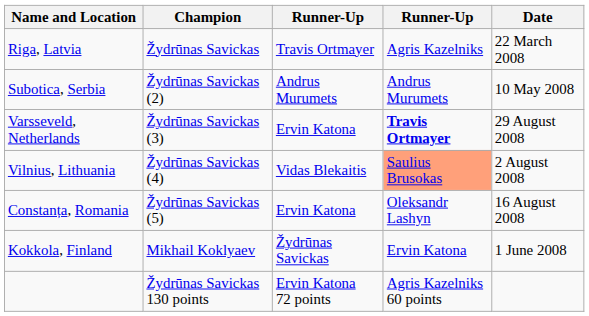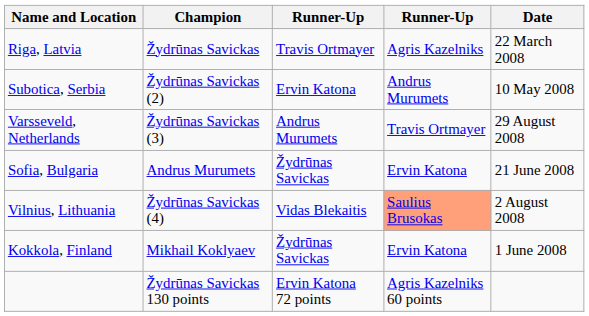 <table class="wikitable" style="display: inline-table;width: 100%;">
 <tr>
 <th scope="col">Name and Location</th>
 <th scope="col">Champion</th>
 <th scope="col">Runner-Up</th>
 <th scope="col">Runner-Up</th>
 <th scope="col">Date</th>
 </tr>
 <tr>
 <td> <a href='#'>Riga</a>, <a href='#'>Latvia</a> <br> </td>
 <td> <a href='#'>Žydrūnas Savickas</a></td>
 <td> <a href='#'>Travis Ortmayer</a></td>
 <td> <a href='#'>Agris Kazelniks</a></td>
 <td>22 March 2008</td>
 </tr>
 <tr>
 <td> <a href='#'>Subotica</a>, <a href='#'>Serbia</a> <br> </td>
 <td> <a href='#'>Žydrūnas Savickas</a> (2)</td>
-<td> <a href='#'>Andrus Murumets</a></td>
+<td> <a href='#'>Ervin Katona</a></td>
 <td> <a href='#'>Andrus Murumets</a></td>
 <td>10 May 2008</td>
 </tr>
 <tr>
 <td> <a href='#'>Varsseveld</a>, <a href='#'>Netherlands</a> <br> </td>
 <td> <a href='#'>Žydrūnas Savickas</a> (3)</td>
+<td> <a href='#'>Andrus Murumets</a></td>
+<td> <a href='#'>Travis Ortmayer</a></td>
+<td>29 August 2008</td>
+</tr>
+<tr>
+<td> <a href='#'>Sofia</a>, <a href='#'>Bulgaria</a> <br> </td>
+<td> <a href='#'>Andrus Murumets</a></td>
+<td> <a href='#'>Žydrūnas Savickas</a></td>
 <td> <a href='#'>Ervin Katona</a></td>
-<td><strong> <a href='#'>Travis Ortmayer</a></strong></td>
-<td>29 August 2008</td>
+<td>21 June 2008</td>
 </tr>
 <tr>
 <td> <a href='#'>Vilnius</a>, <a href='#'>Lithuania</a> <br> </td>
 <td> <a href='#'>Žydrūnas Savickas</a> (4)</td>
 <td> <a href='#'>Vidas Blekaitis</a></td>
 <td style="background: lightsalmon;"> <a href='#'>Saulius Brusokas</a></td>
 <td>2 August 2008</td>
-</tr>
-<tr>
-<td> <a href='#'>Constanța</a>, <a href='#'>Romania</a> <br> </td>
-<td> <a href='#'>Žydrūnas Savickas</a> (5)</td>
-<td> <a href='#'>Ervin Katona</a></td>
-<td> <a href='#'>Oleksandr Lashyn</a></td>
-<td>16 August 2008</td>
 </tr>
 <tr>
 <td> <a href='#'>Kokkola</a>, <a href='#'>Finland</a> <br> </td>
 <td> <a href='#'>Mikhail Koklyaev</a></td>
 <td> <a href='#'>Žydrūnas Savickas</a></td>
 <td> <a href='#'>Ervin Katona</a></td>
 <td>1 June 2008</td>
 </tr>
 <tr>
 <td></td>
 <td> <a href='#'>Žydrūnas Savickas</a><br> 130 points</td>
 <td> <a href='#'>Ervin Katona</a><br> 72 points</td>
 <td> <a href='#'>Agris Kazelniks</a><br> 60 points</td>
 <td></td>
 </tr>
 </table>
